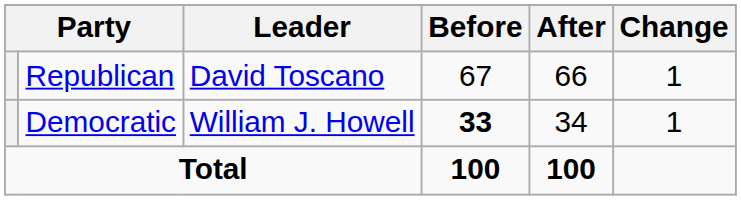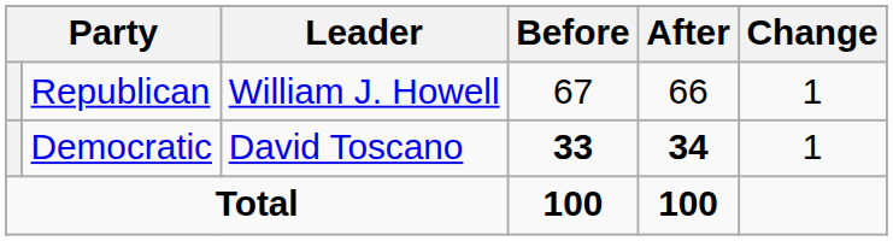 <table class="wikitable" style="text-align:center;">
 <tr>
 </tr>
 <tr>
 <th colspan=2>Party</th>
 <th>Leader</th>
 <th>Before</th>
 <th>After</th>
 <th>Change</th>
 </tr>
 <tr>
 <th style="background-color:"></th>
 <td style="text-align:left;"><a href='#'>Republican</a></td>
-<td style="text-align:left;"><a href='#'>David Toscano</a></td>
+<td style="text-align:left;"><a href='#'>William J. Howell</a></td>
 <td>67</td>
 <td>66</td>
 <td> 1</td>
 </tr>
 <tr>
 <th style="background-color:"></th>
 <td style="text-align:left;"><a href='#'>Democratic</a></td>
-<td style="text-align:left;"><a href='#'>William J. Howell</a></td>
+<td style="text-align:left;"><a href='#'>David Toscano</a></td>
 <td><strong>33</strong></td>
-<td>34</td>
+<td><strong>34</strong></td>
 <td> 1</td>
 </tr>
 <tr>
 <td colspan=3><strong>Total</strong></td>
 <td><strong>100</strong></td>
 <td><strong>100</strong></td>
 </tr>
 </table>
